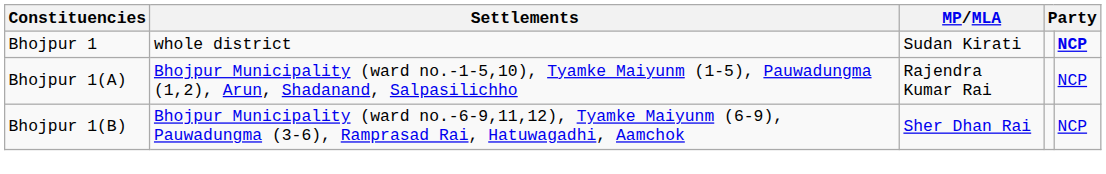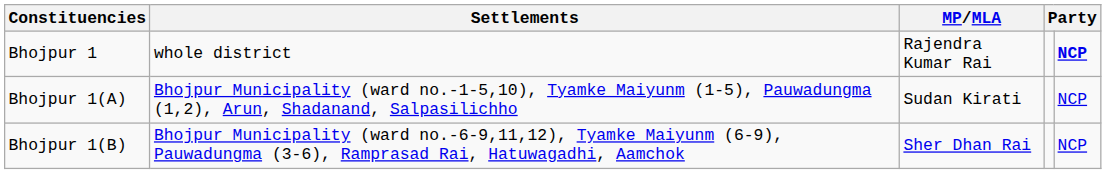 <table class="wikitable">
 <tr>
 <th>Constituencies</th>
 <th>Settlements</th>
 <th><a href='#'>MP</a>/<a href='#'>MLA</a></th>
 <th colspan=2>Party</th>
 </tr>
 <tr>
 <td>Bhojpur 1</td>
 <td>whole district</td>
-<td>Sudan Kirati</td>
+<td>Rajendra Kumar Rai</td>
 <td></td>
 <td><strong><a href='#'>NCP</a></strong></td>
 </tr>
 <tr>
 <td>Bhojpur 1(A)</td>
 <td><a href='#'>Bhojpur Municipality</a> (ward no.-1-5,10), <a href='#'>Tyamke Maiyunm</a> (1-5), <a href='#'>Pauwadungma</a> (1,2), <a href='#'>Arun</a>, <a href='#'>Shadanand</a>, <a href='#'>Salpasilichho</a></td>
-<td>Rajendra Kumar Rai</td>
+<td>Sudan Kirati</td>
 <td></td>
 <td><a href='#'>NCP</a></td>
 </tr>
 <tr>
 <td>Bhojpur 1(B)</td>
 <td><a href='#'>Bhojpur Municipality</a> (ward no.-6-9,11,12), <a href='#'>Tyamke Maiyunm</a> (6-9), <a href='#'>Pauwadungma</a> (3-6), <a href='#'>Ramprasad Rai</a>, <a href='#'>Hatuwagadhi</a>, <a href='#'>Aamchok</a></td>
 <td><a href='#'>Sher Dhan Rai</a></td>
 <td></td>
 <td><a href='#'>NCP</a></td>
 </tr>
 </table>
